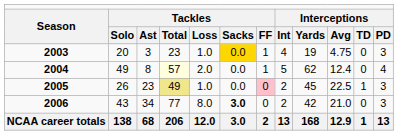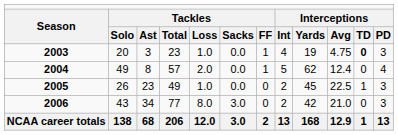 <table class=wikitable style="text-align:center;">
 <tr>
 <td ! colspan="15"></td>
 </tr>
 <tr>
 <th rowspan=2>Season</th>
 <th colspan=6>Tackles</th>
 <th colspan=5>Interceptions</th>
 </tr>
 <tr>
 <th>Solo</th>
 <th>Ast</th>
 <th>Total</th>
 <th>Loss</th>
 <th>Sacks</th>
 <th>FF</th>
 <th>Int</th>
 <th>Yards</th>
 <th>Avg</th>
 <th>TD</th>
 <th>PD</th>
 </tr>
 <tr>
 <td><strong>2003</strong></td>
 <td>20</td>
 <td>3</td>
 <td>23</td>
 <td>1.0</td>
-<td style="background: gold;">0.0</td>
+<td>0.0</td>
 <td>1</td>
 <td>4</td>
 <td>19</td>
 <td>4.75</td>
-<td>0</td>
+<td><strong>0</strong></td>
 <td>3</td>
 </tr>
 <tr>
 <td><strong>2004</strong></td>
 <td>49</td>
 <td>8</td>
-<td style="background: lightyellow;">57</td>
+<td>57</td>
 <td>2.0</td>
 <td>0.0</td>
 <td>1</td>
 <td>5</td>
 <td>62</td>
 <td>12.4</td>
 <td>0</td>
 <td>4</td>
 </tr>
 <tr>
 <td><strong>2005</strong></td>
 <td>26</td>
 <td>23</td>
-<td style="background: khaki;">49</td>
+<td>49</td>
 <td>1.0</td>
 <td>0.0</td>
-<td style="background: pink;">0</td>
+<td>0</td>
 <td>2</td>
 <td>45</td>
 <td>22.5</td>
 <td>1</td>
 <td>3</td>
 </tr>
 <tr>
 <td><strong>2006</strong></td>
 <td>43</td>
 <td>34</td>
 <td>77</td>
 <td>8.0</td>
-<td><strong>3.0</strong></td>
+<td>3.0</td>
 <td>0</td>
 <td>2</td>
 <td>42</td>
 <td>21.0</td>
 <td>0</td>
 <td>3</td>
 </tr>
 <tr>
 <th>NCAA career totals</th>
 <th>138</th>
 <th>68</th>
 <th>206</th>
 <th>12.0</th>
 <th>3.0</th>
 <th>2</th>
 <th>13</th>
 <th>168</th>
 <th>12.9</th>
 <th>1</th>
 <th>13</th>
 </tr>
 </table>
